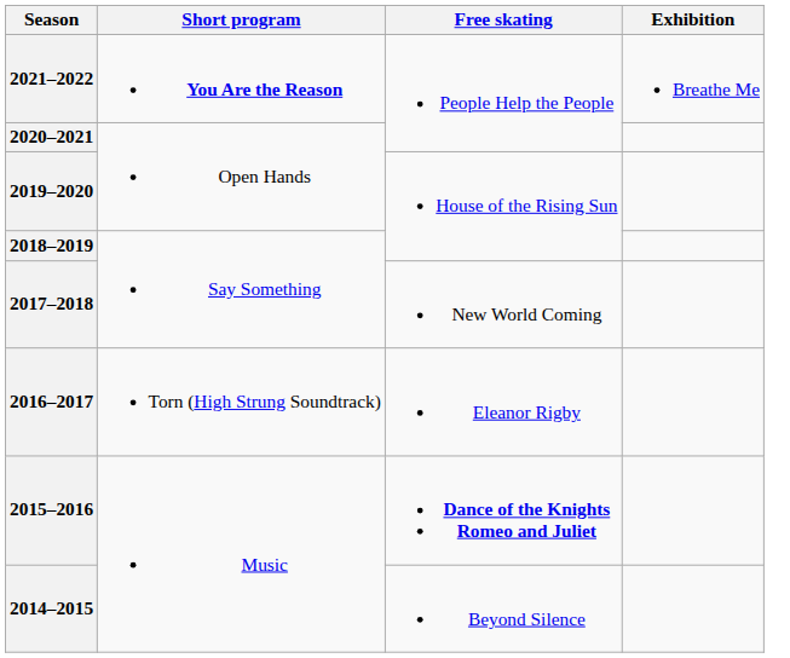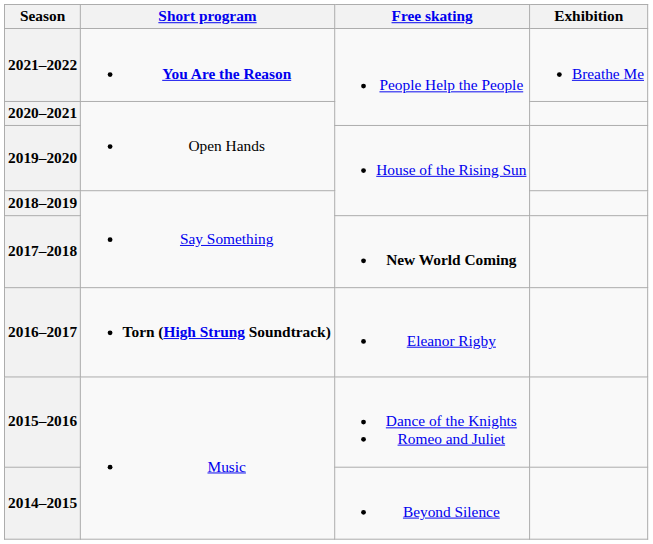 <table class=wikitable style=text-align:center>
 <tr>
 <th>Season</th>
 <th><a href='#'>Short program</a></th>
 <th><a href='#'>Free skating</a></th>
 <th>Exhibition</th>
 </tr>
 <tr>
 <th>2021–2022 <br> </th>
 <td><strong><br><ul><li><a href='#'>You Are the Reason</a> <br></li></ul></strong></td>
 <td rowspan=2><br><ul><li><a href='#'>People Help the People</a> <br></li></ul></td>
 <td><br><ul><li><a href='#'>Breathe Me</a> <br></li></ul></td>
 </tr>
 <tr>
 <th>2020–2021 <br> </th>
 <td rowspan=2><br><ul><li>Open Hands <br> <br></li></ul></td>
 <td></td>
 </tr>
 <tr>
 <th>2019–2020 <br> </th>
 <td rowspan=2><br><ul><li><a href='#'>House of the Rising Sun</a> <br> <br></li></ul></td>
 <td></td>
 </tr>
 <tr>
 <th>2018–2019 <br> </th>
 <td rowspan=2><br><ul><li><a href='#'>Say Something</a> <br> <br></li></ul></td>
 <td></td>
 </tr>
 <tr>
 <th>2017–2018 <br> </th>
-<td><br><ul><li>New World Coming <br></li></ul></td>
+<td><strong><br><ul><li>New World Coming <br></li></ul></strong></td>
 <td></td>
 </tr>
 <tr>
 <th>2016–2017 <br> </th>
-<td><br><ul><li>Torn (<a href='#'>High Strung</a> Soundtrack) <br> <br></li></ul></td>
+<td><strong><br><ul><li>Torn (<a href='#'>High Strung</a> Soundtrack) <br> <br></li></ul></strong></td>
 <td><br><ul><li><a href='#'>Eleanor Rigby</a> <br></li></ul></td>
 <td></td>
 </tr>
 <tr>
 <th>2015–2016 <br> </th>
 <td rowspan=2><br><ul><li><a href='#'>Music</a> <br></li></ul></td>
-<td><strong><br><ul><li><a href='#'>Dance of the Knights</a> <br></li><li><a href='#'>Romeo and Juliet</a> <br></li></ul></strong></td>
+<td><br><ul><li><a href='#'>Dance of the Knights</a> <br></li><li><a href='#'>Romeo and Juliet</a> <br></li></ul></td>
 <td></td>
 </tr>
 <tr>
 <th>2014–2015 <br> </th>
 <td><br><ul><li><a href='#'>Beyond Silence</a> <br></li></ul></td>
 <td></td>
 </tr>
 </table>
